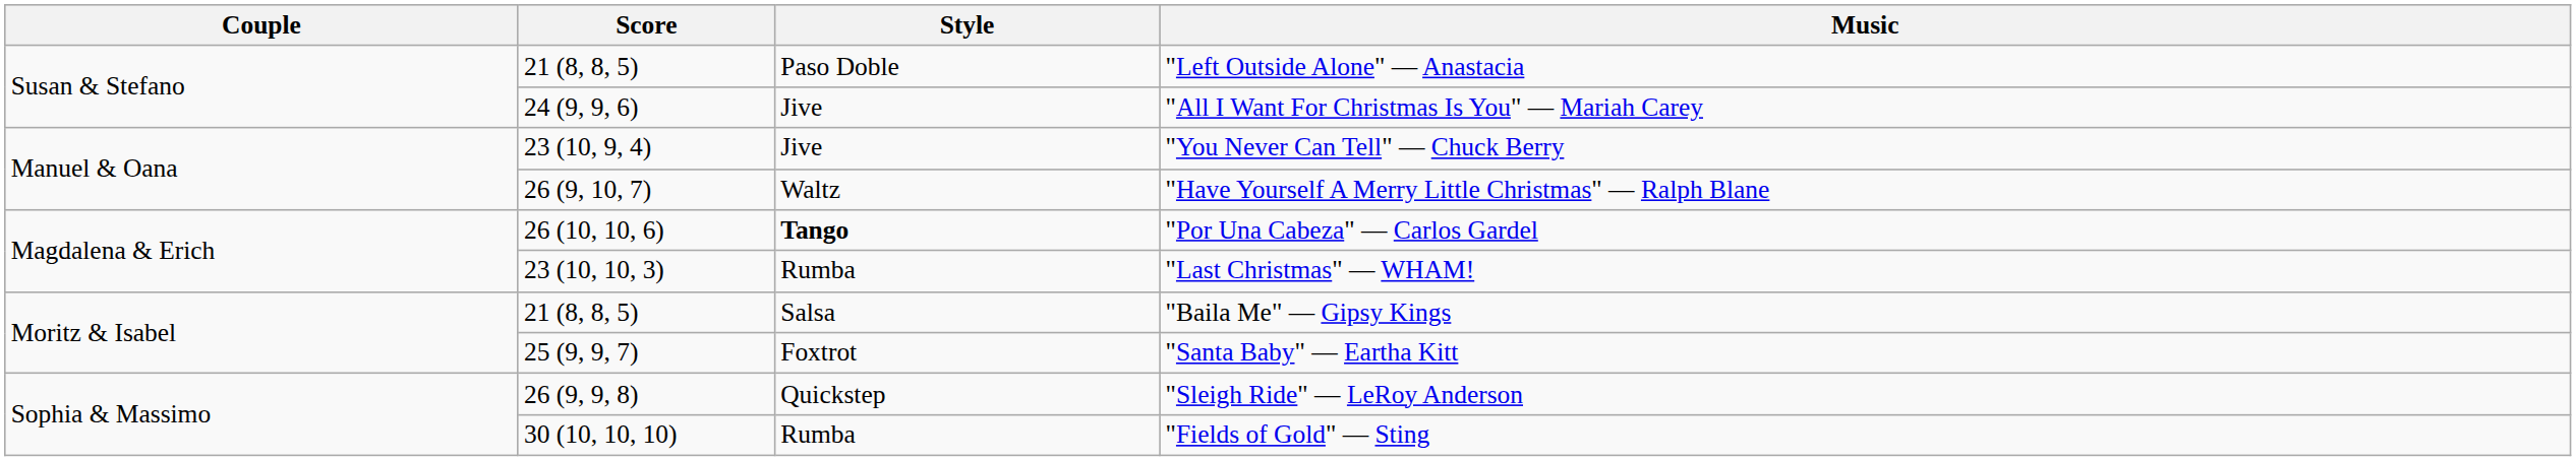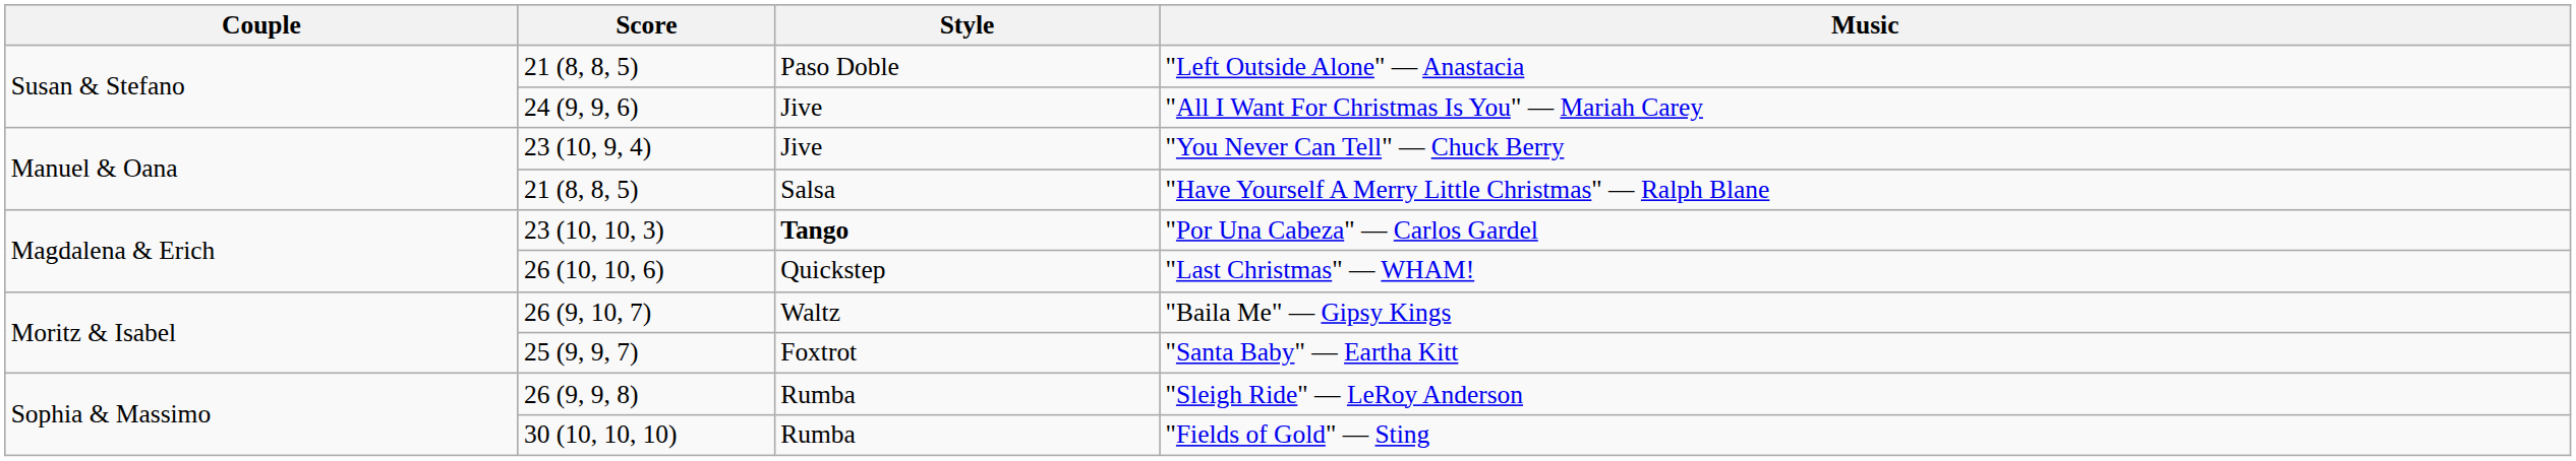 <table class="wikitable" style="width:80%;">
 <tr>
 <th width="20%">Couple</th>
 <th width="10%">Score</th>
 <th width="15%">Style</th>
 <th width="60%">Music</th>
 </tr>
 <tr>
 <td rowspan=2>Susan & Stefano</td>
 <td>21 (8, 8, 5)</td>
 <td>Paso Doble</td>
 <td>"<a href='#'>Left Outside Alone</a>" — <a href='#'>Anastacia</a></td>
 </tr>
 <tr>
 <td>24 (9, 9, 6)</td>
 <td>Jive</td>
 <td>"<a href='#'>All I Want For Christmas Is You</a>" — <a href='#'>Mariah Carey</a></td>
 </tr>
 <tr>
 <td rowspan=2>Manuel & Oana</td>
 <td>23 (10, 9, 4)</td>
 <td>Jive</td>
 <td>"<a href='#'>You Never Can Tell</a>" — <a href='#'>Chuck Berry</a></td>
 </tr>
 <tr>
-<td>26 (9, 10, 7)</td>
-<td>Waltz</td>
+<td>21 (8, 8, 5)</td>
+<td>Salsa</td>
 <td>"<a href='#'>Have Yourself A Merry Little Christmas</a>" — <a href='#'>Ralph Blane</a></td>
 </tr>
 <tr>
 <td rowspan=2>Magdalena & Erich</td>
-<td>26 (10, 10, 6)</td>
+<td>23 (10, 10, 3)</td>
 <td><strong>Tango</strong></td>
 <td>"<a href='#'>Por Una Cabeza</a>" — <a href='#'>Carlos Gardel</a></td>
 </tr>
 <tr>
-<td>23 (10, 10, 3)</td>
-<td>Rumba</td>
+<td>26 (10, 10, 6)</td>
+<td>Quickstep</td>
 <td>"<a href='#'>Last Christmas</a>" — <a href='#'>WHAM!</a></td>
 </tr>
 <tr>
 <td rowspan=2>Moritz & Isabel</td>
-<td>21 (8, 8, 5)</td>
-<td>Salsa</td>
+<td>26 (9, 10, 7)</td>
+<td>Waltz</td>
 <td>"Baila Me" — <a href='#'>Gipsy Kings</a></td>
 </tr>
 <tr>
 <td>25 (9, 9, 7)</td>
 <td>Foxtrot</td>
 <td>"<a href='#'>Santa Baby</a>" — <a href='#'>Eartha Kitt</a></td>
 </tr>
 <tr>
 <td rowspan=2>Sophia & Massimo</td>
 <td>26 (9, 9, 8)</td>
-<td>Quickstep</td>
+<td>Rumba</td>
 <td>"<a href='#'>Sleigh Ride</a>" — <a href='#'>LeRoy Anderson</a></td>
 </tr>
 <tr>
 <td>30 (10, 10, 10)</td>
 <td>Rumba</td>
 <td>"<a href='#'>Fields of Gold</a>" — <a href='#'>Sting</a></td>
 </tr>
 </table>
